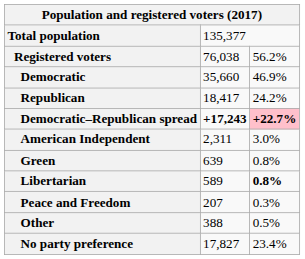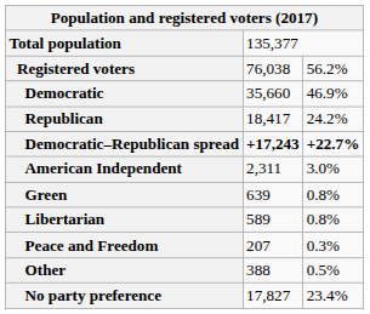 <table class="wikitable collapsible">
 <tr>
 <th colspan="3">Population and registered voters (2017)</th>
 </tr>
 <tr>
 <th scope="row" style="text-align: left;">Total population</th>
 <td colspan="2">135,377</td>
 </tr>
 <tr>
 <th scope="row" style="text-align: left;">  Registered voters</th>
 <td>76,038</td>
 <td>56.2%</td>
 </tr>
 <tr>
 <th scope="row" style="text-align: left;">    Democratic</th>
 <td>35,660</td>
 <td>46.9%</td>
 </tr>
 <tr>
 <th scope="row" style="text-align: left;">    Republican</th>
 <td>18,417</td>
 <td>24.2%</td>
 </tr>
 <tr>
 <th scope="row" style="text-align: left;">    Democratic–Republican spread</th>
 <td><span><strong>+17,243</strong></span></td>
-<td style="background: pink;"><span><strong>+22.7%</strong></span></td>
+<td><span><strong>+22.7%</strong></span></td>
 </tr>
 <tr>
 <th scope="row" style="text-align: left;">    American Independent</th>
 <td>2,311</td>
 <td>3.0%</td>
 </tr>
 <tr>
 <th scope="row" style="text-align: left;">    Green</th>
 <td>639</td>
 <td>0.8%</td>
 </tr>
 <tr>
 <th scope="row" style="text-align: left;">    Libertarian</th>
 <td>589</td>
-<td><strong>0.8%</strong></td>
+<td>0.8%</td>
 </tr>
 <tr>
 <th scope="row" style="text-align: left;">    Peace and Freedom</th>
 <td>207</td>
 <td>0.3%</td>
 </tr>
 <tr>
 <th scope="row" style="text-align: left;">    Other</th>
 <td>388</td>
 <td>0.5%</td>
 </tr>
 <tr>
 <th scope="row" style="text-align: left;">    No party preference</th>
 <td>17,827</td>
 <td>23.4%</td>
 </tr>
 </table>
